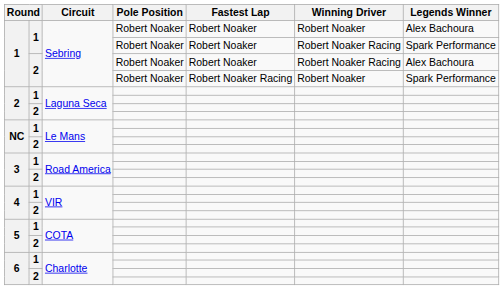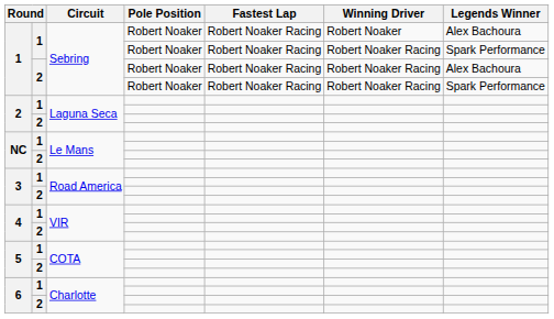 <table class="wikitable" style="font-size:85%;">
 <tr>
 <th colspan=2>Round</th>
 <th>Circuit</th>
 <th>Pole Position</th>
 <th>Fastest Lap</th>
 <th>Winning Driver</th>
 <th>Legends Winner</th>
 </tr>
 <tr>
 <th rowspan=4>1</th>
 <th rowspan=2>1</th>
 <td rowspan=4><a href='#'>Sebring</a></td>
 <td> Robert Noaker</td>
-<td> Robert Noaker</td>
+<td> Robert Noaker Racing</td>
 <td> Robert Noaker</td>
 <td> Alex Bachoura</td>
 </tr>
 <tr>
 <td> Robert Noaker</td>
-<td> Robert Noaker</td>
+<td> Robert Noaker Racing</td>
 <td> Robert Noaker Racing</td>
 <td> Spark Performance</td>
 </tr>
 <tr>
 <th rowspan=2>2</th>
 <td> Robert Noaker</td>
-<td> Robert Noaker</td>
+<td> Robert Noaker Racing</td>
 <td> Robert Noaker Racing</td>
 <td> Alex Bachoura</td>
 </tr>
 <tr>
 <td> Robert Noaker</td>
 <td> Robert Noaker Racing</td>
-<td> Robert Noaker</td>
+<td> Robert Noaker Racing</td>
 <td> Spark Performance</td>
 </tr>
 <tr>
 <th rowspan=4>2</th>
 <th rowspan=2>1</th>
 <td rowspan=4><a href='#'>Laguna Seca</a></td>
 <td></td>
 <td></td>
 <td></td>
 <td></td>
 </tr>
 <tr>
 <td></td>
 <td></td>
 <td></td>
 <td></td>
 </tr>
 <tr>
 <th rowspan=2>2</th>
 <td></td>
 <td></td>
 <td></td>
 <td></td>
 </tr>
 <tr>
 <td></td>
 <td></td>
 <td></td>
 <td></td>
 </tr>
 <tr>
 <th rowspan="4">NC</th>
 <th rowspan="2">1</th>
 <td rowspan="4"><a href='#'>Le Mans</a></td>
 <td></td>
 <td></td>
 <td></td>
 <td></td>
 </tr>
 <tr>
 <td></td>
 <td></td>
 <td></td>
 <td></td>
 </tr>
 <tr>
 <th rowspan="2">2</th>
 <td></td>
 <td></td>
 <td></td>
 <td></td>
 </tr>
 <tr>
 <td></td>
 <td></td>
 <td></td>
 <td></td>
 </tr>
 <tr>
 <th rowspan="4">3</th>
 <th rowspan="2">1</th>
 <td rowspan="4"><a href='#'>Road America</a></td>
 <td></td>
 <td></td>
 <td></td>
 <td></td>
 </tr>
 <tr>
 <td></td>
 <td></td>
 <td></td>
 <td></td>
 </tr>
 <tr>
 <th rowspan="2">2</th>
 <td></td>
 <td></td>
 <td></td>
 <td></td>
 </tr>
 <tr>
 <td></td>
 <td></td>
 <td></td>
 <td></td>
 </tr>
 <tr>
 <th rowspan="4">4</th>
 <th rowspan="2">1</th>
 <td rowspan="4"><a href='#'>VIR</a></td>
 <td></td>
 <td></td>
 <td></td>
 <td></td>
 </tr>
 <tr>
 <td></td>
 <td></td>
 <td></td>
 <td></td>
 </tr>
 <tr>
 <th rowspan="2">2</th>
 <td></td>
 <td></td>
 <td></td>
 <td></td>
 </tr>
 <tr>
 <td></td>
 <td></td>
 <td></td>
 <td></td>
 </tr>
 <tr>
 <th rowspan="4">5</th>
 <th rowspan="2">1</th>
 <td rowspan="4"><a href='#'>COTA</a></td>
 <td></td>
 <td></td>
 <td></td>
 <td></td>
 </tr>
 <tr>
 <td></td>
 <td></td>
 <td></td>
 <td></td>
 </tr>
 <tr>
 <th rowspan="2">2</th>
 <td></td>
 <td></td>
 <td></td>
 <td></td>
 </tr>
 <tr>
 <td></td>
 <td></td>
 <td></td>
 <td></td>
 </tr>
 <tr>
 <th rowspan="4">6</th>
 <th rowspan="2">1</th>
 <td rowspan="4"><a href='#'>Charlotte</a></td>
 <td></td>
 <td></td>
 <td></td>
 <td></td>
 </tr>
 <tr>
 <td></td>
 <td></td>
 <td></td>
 <td></td>
 </tr>
 <tr>
 <th rowspan="2">2</th>
 <td></td>
 <td></td>
 <td></td>
 <td></td>
 </tr>
 <tr>
 <td></td>
 <td></td>
 <td></td>
 <td></td>
 </tr>
 </table>
